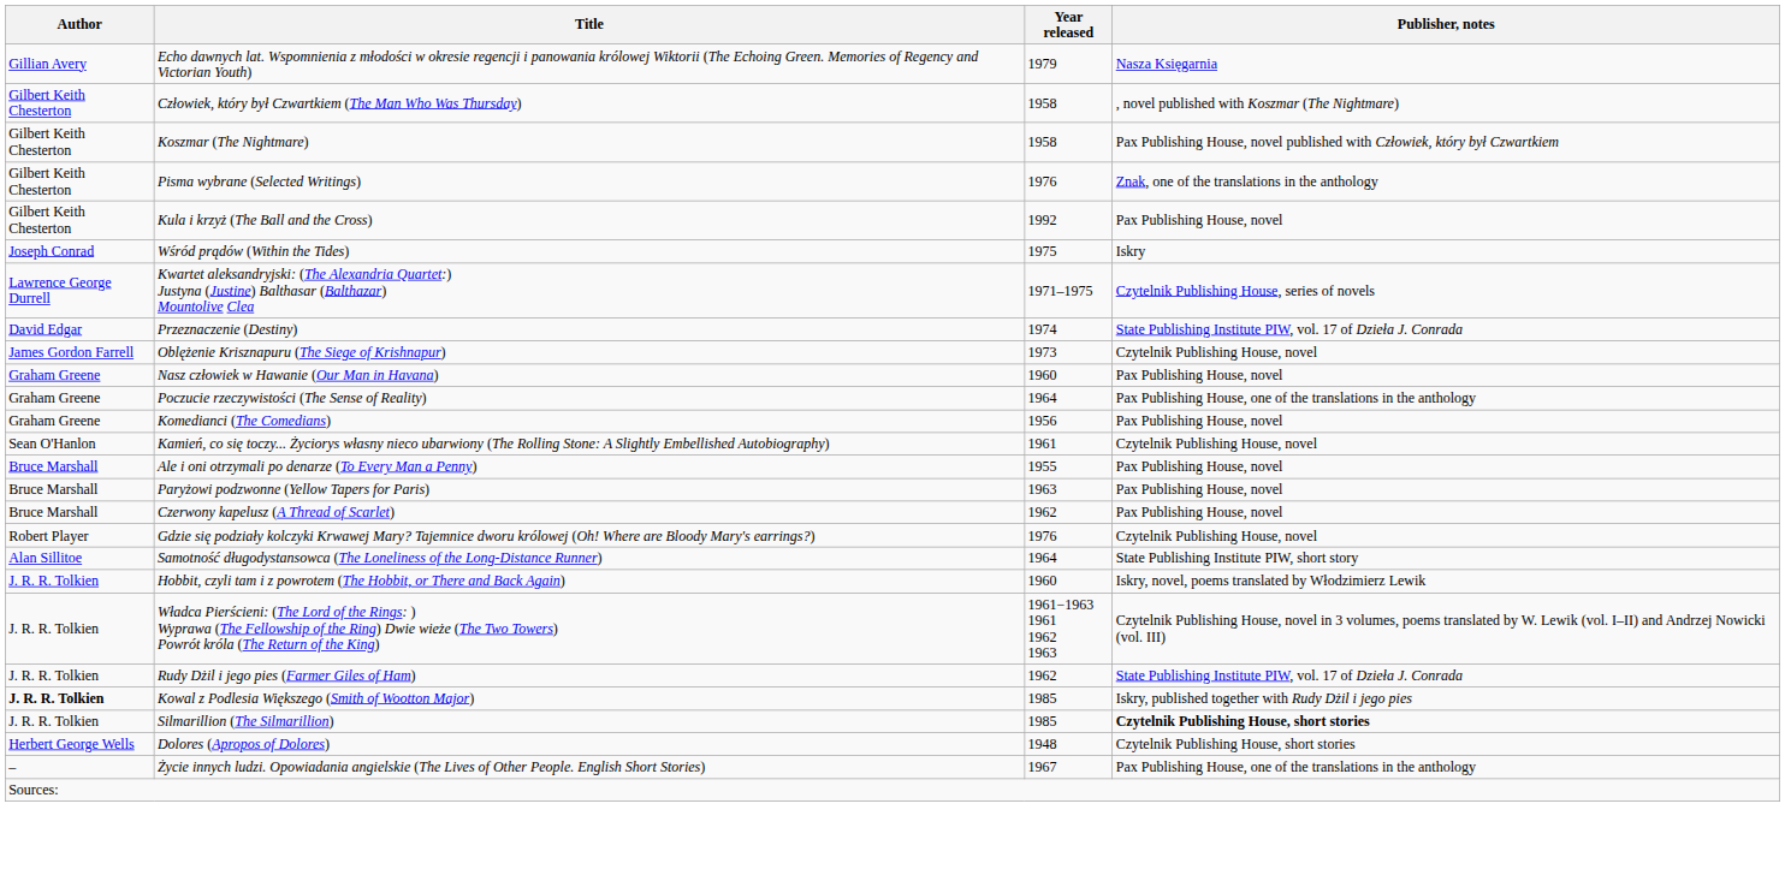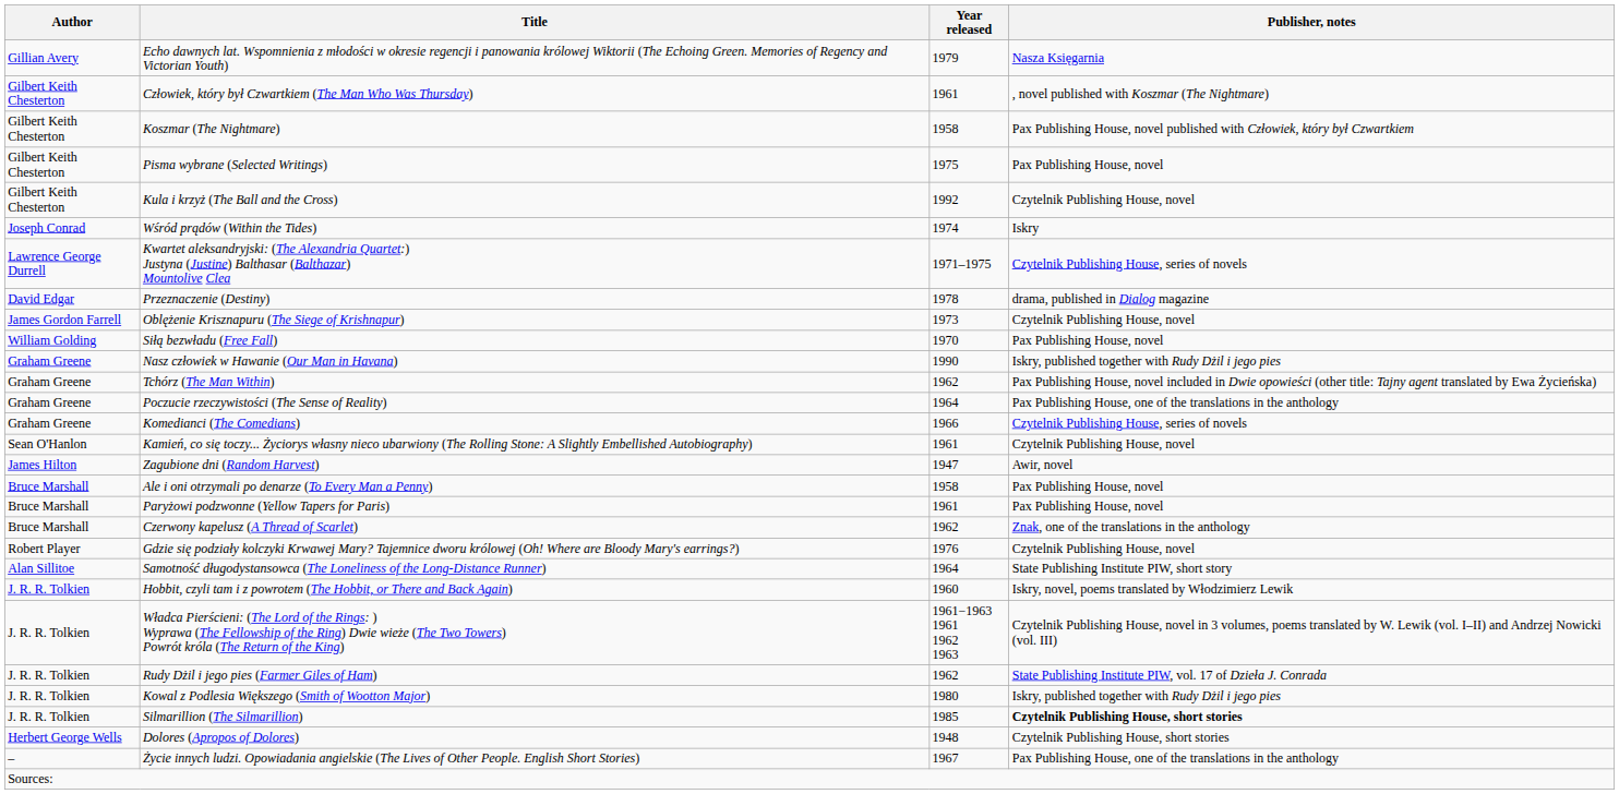 <table class="wikitable">
 <tr>
 <th>Author</th>
 <th>Title</th>
 <th>Year released</th>
 <th>Publisher, notes</th>
 </tr>
 <tr>
 <td><a href='#'>Gillian Avery</a></td>
 <td><em>Echo dawnych lat. Wspomnienia z młodości w okresie regencji i panowania królowej Wiktorii</em> (<em>The Echoing Green. Memories of Regency and Victorian Youth</em>)</td>
 <td>1979</td>
 <td><a href='#'>Nasza Księgarnia</a></td>
 </tr>
 <tr>
 <td><a href='#'>Gilbert Keith Chesterton</a></td>
 <td><em>Człowiek, który był Czwartkiem</em> (<em><a href='#'>The Man Who Was Thursday</a></em>)</td>
-<td>1958</td>
+<td>1961</td>
 <td>, novel published with <em>Koszmar</em> (<em>The</em> <em>Nightmare</em>)</td>
 </tr>
 <tr>
 <td>Gilbert Keith Chesterton</td>
 <td><em>Koszmar</em> (<em>The Nightmare</em>)</td>
 <td>1958</td>
 <td>Pax Publishing House, novel published with <em>Człowiek, który był Czwartkiem</em></td>
 </tr>
 <tr>
 <td>Gilbert Keith Chesterton</td>
 <td><em>Pisma wybrane</em> (<em>Selected Writings</em>)</td>
-<td>1976</td>
-<td><a href='#'>Znak</a>, one of the translations in the anthology</td>
+<td>1975</td>
+<td>Pax Publishing House, novel</td>
 </tr>
 <tr>
 <td>Gilbert Keith Chesterton</td>
 <td><em>Kula i krzyż</em> (<em>The Ball and the Cross</em>)</td>
 <td>1992</td>
-<td>Pax Publishing House, novel</td>
+<td>Czytelnik Publishing House, novel</td>
 </tr>
 <tr>
 <td><a href='#'>Joseph Conrad</a></td>
 <td><em>Wśród prądów</em> (<em>Within the Tides</em>)</td>
-<td>1975</td>
+<td>1974</td>
 <td>Iskry</td>
 </tr>
 <tr>
 <td><a href='#'>Lawrence George Durrell</a></td>
 <td><em>Kwartet aleksandryjski:</em> (<em><a href='#'>The Alexandria Quartet</a>:</em>)<br><em>Justyna</em> (<em><a href='#'>Justine</a></em>) <em>Balthasar</em>  (<em><a href='#'>Balthazar</a></em>)<br><em><a href='#'>Mountolive</a></em> <em><a href='#'>Clea</a></em></td>
 <td>1971–1975</td>
 <td><a href='#'>Czytelnik Publishing House</a>, series of novels</td>
 </tr>
 <tr>
 <td><a href='#'>David Edgar</a></td>
 <td><em>Przeznaczenie</em> (<em>Destiny</em>)</td>
-<td>1974</td>
-<td><a href='#'>State Publishing Institute PIW</a>, vol. 17 of <em>Dzieła J. Conrada</em></td>
+<td>1978</td>
+<td>drama, published in <em><a href='#'>Dialog</a></em> magazine</td>
 </tr>
 <tr>
 <td><a href='#'>James Gordon Farrell</a></td>
 <td><em>Oblężenie Krisznapuru</em> (<em><a href='#'>The Siege of Krishnapur</a></em>)</td>
 <td>1973</td>
 <td>Czytelnik Publishing House, novel</td>
 </tr>
 <tr>
+<td><a href='#'>William Golding</a></td>
+<td><em>Siłą bezwładu</em> (<em><a href='#'>Free Fall</a></em>)</td>
+<td>1970</td>
+<td>Pax Publishing House, novel</td>
+</tr>
+<tr>
 <td><a href='#'>Graham Greene</a></td>
 <td><em>Nasz człowiek w Hawanie</em> (<em><a href='#'>Our Man in Havana</a></em>)</td>
-<td>1960</td>
-<td>Pax Publishing House, novel</td>
+<td>1990</td>
+<td>Iskry, published together with <em>Rudy Dżil i jego pies</em></td>
+</tr>
+<tr>
+<td>Graham Greene</td>
+<td><em>Tchórz</em> (<em><a href='#'>The Man Within</a></em>)</td>
+<td>1962</td>
+<td>Pax Publishing House, novel included in <em>Dwie opowieści</em> (other title: <em>Tajny agent</em> translated by Ewa Życieńska)</td>
 </tr>
 <tr>
 <td>Graham Greene</td>
 <td><em>Poczucie rzeczywistości</em> (<em>The Sense of Reality</em>)</td>
 <td>1964</td>
 <td>Pax Publishing House, one of the translations in the anthology</td>
 </tr>
 <tr>
 <td>Graham Greene</td>
 <td><em>Komedianci</em> (<em><a href='#'>The Comedians</a></em>)</td>
-<td>1956</td>
-<td>Pax Publishing House, novel</td>
+<td>1966</td>
+<td><a href='#'>Czytelnik Publishing House</a>, series of novels</td>
 </tr>
 <tr>
 <td>Sean O'Hanlon</td>
 <td><em>Kamień, co się toczy... Życiorys własny nieco ubarwiony</em> (<em>The Rolling Stone: A Slightly Embellished Autobiography</em>)</td>
 <td>1961</td>
 <td>Czytelnik Publishing House, novel</td>
 </tr>
 <tr>
+<td><a href='#'>James Hilton</a></td>
+<td><em>Zagubione dni</em> (<em><a href='#'>Random Harvest</a></em>)</td>
+<td>1947</td>
+<td>Awir, novel</td>
+</tr>
+<tr>
 <td><a href='#'>Bruce Marshall</a></td>
 <td><em>Ale i oni otrzymali po denarze</em> (<em><a href='#'>To Every Man a Penny</a></em>)</td>
-<td>1955</td>
+<td>1958</td>
 <td>Pax Publishing House, novel</td>
 </tr>
 <tr>
 <td>Bruce Marshall</td>
 <td><em>Paryżowi podzwonne</em> (<em>Yellow Tapers for Paris</em>)</td>
-<td>1963</td>
+<td>1961</td>
 <td>Pax Publishing House, novel</td>
 </tr>
 <tr>
 <td>Bruce Marshall</td>
 <td><em>Czerwony kapelusz</em> (<em><a href='#'>A Thread of Scarlet</a></em>)</td>
 <td>1962</td>
-<td>Pax Publishing House, novel</td>
+<td><a href='#'>Znak</a>, one of the translations in the anthology</td>
 </tr>
 <tr>
 <td>Robert Player</td>
 <td><em>Gdzie się podziały kolczyki Krwawej Mary? Tajemnice dworu królowej</em> (<em>Oh! Where are Bloody Mary's earrings?</em>)</td>
 <td>1976</td>
 <td>Czytelnik Publishing House, novel</td>
 </tr>
 <tr>
 <td><a href='#'>Alan Sillitoe</a></td>
 <td><em>Samotność długodystansowca</em> (<em><a href='#'>The Loneliness of the Long-Distance Runner</a></em>)</td>
 <td>1964</td>
 <td>State Publishing Institute PIW, short story</td>
 </tr>
 <tr>
 <td><a href='#'>J. R. R. Tolkien</a></td>
 <td><em>Hobbit, czyli tam i z powrotem</em> (<em><a href='#'>The Hobbit, or There and Back Again</a></em>)</td>
 <td>1960</td>
 <td>Iskry, novel, poems translated by Włodzimierz Lewik</td>
 </tr>
 <tr>
 <td>J. R. R. Tolkien</td>
 <td><em>Władca Pierścieni:</em> (<em><a href='#'>The Lord of the Rings</a>:</em> )<br><em>Wyprawa</em> (<em><a href='#'>The Fellowship of the Ring</a></em>) <em>Dwie wieże</em> (<em><a href='#'>The Two Towers</a></em>)<br><em>Powrót króla</em> (<em><a href='#'>The Return of the King</a></em>)</td>
 <td>1961−1963<br>1961<br>1962<br>1963</td>
 <td>Czytelnik Publishing House, novel in 3 volumes, poems translated by W. Lewik (vol. I–II) and Andrzej Nowicki (vol. III)</td>
 </tr>
 <tr>
 <td>J. R. R. Tolkien</td>
 <td><em>Rudy Dżil i jego pies</em> (<em><a href='#'>Farmer Giles of Ham</a></em>)</td>
 <td>1962</td>
 <td><a href='#'>State Publishing Institute PIW</a>, vol. 17 of <em>Dzieła J. Conrada</em></td>
 </tr>
 <tr>
-<td><strong>J. R. R. Tolkien</strong></td>
+<td>J. R. R. Tolkien</td>
 <td><em>Kowal z Podlesia Większego</em> (<em><a href='#'>Smith of Wootton Major</a></em>)</td>
-<td>1985</td>
+<td>1980</td>
 <td>Iskry, published together with <em>Rudy Dżil i jego pies</em></td>
 </tr>
 <tr>
 <td>J. R. R. Tolkien</td>
 <td><em>Silmarillion</em> (<em><a href='#'>The Silmarillion</a></em>)</td>
 <td>1985</td>
 <td><strong>Czytelnik Publishing House, short stories</strong></td>
 </tr>
 <tr>
 <td><a href='#'>Herbert George Wells</a></td>
 <td><em>Dolores</em> (<em><a href='#'>Apropos of Dolores</a></em>)</td>
 <td>1948</td>
 <td>Czytelnik Publishing House, short stories</td>
 </tr>
 <tr>
 <td>–</td>
 <td><em>Życie innych ludzi. Opowiadania angielskie</em> (<em>The Lives of Other People. English Short Stories</em>)</td>
 <td>1967</td>
 <td>Pax Publishing House, one of the translations in the anthology</td>
 </tr>
 <tr>
 <td colspan="4">Sources:</td>
 </tr>
 </table>
